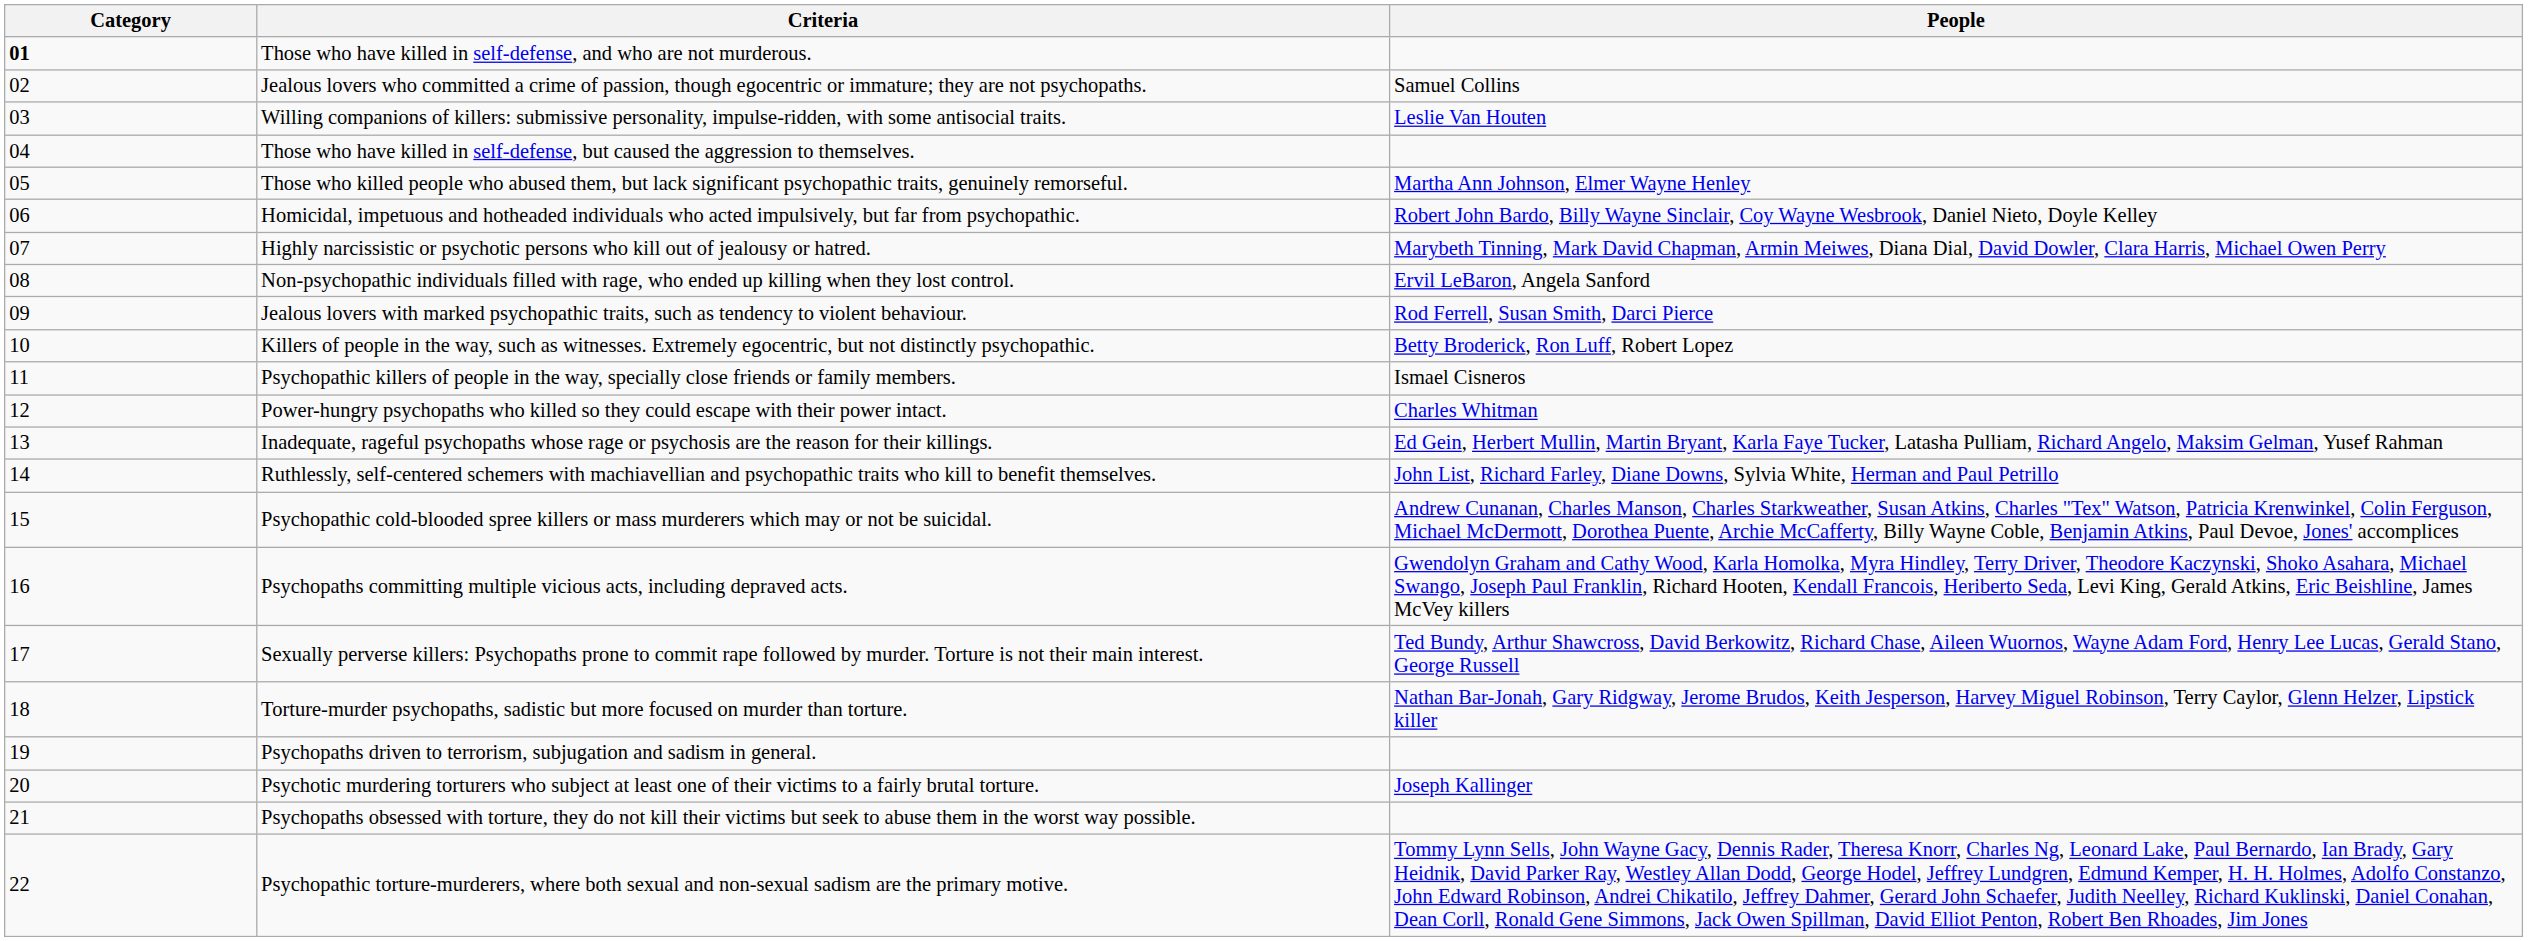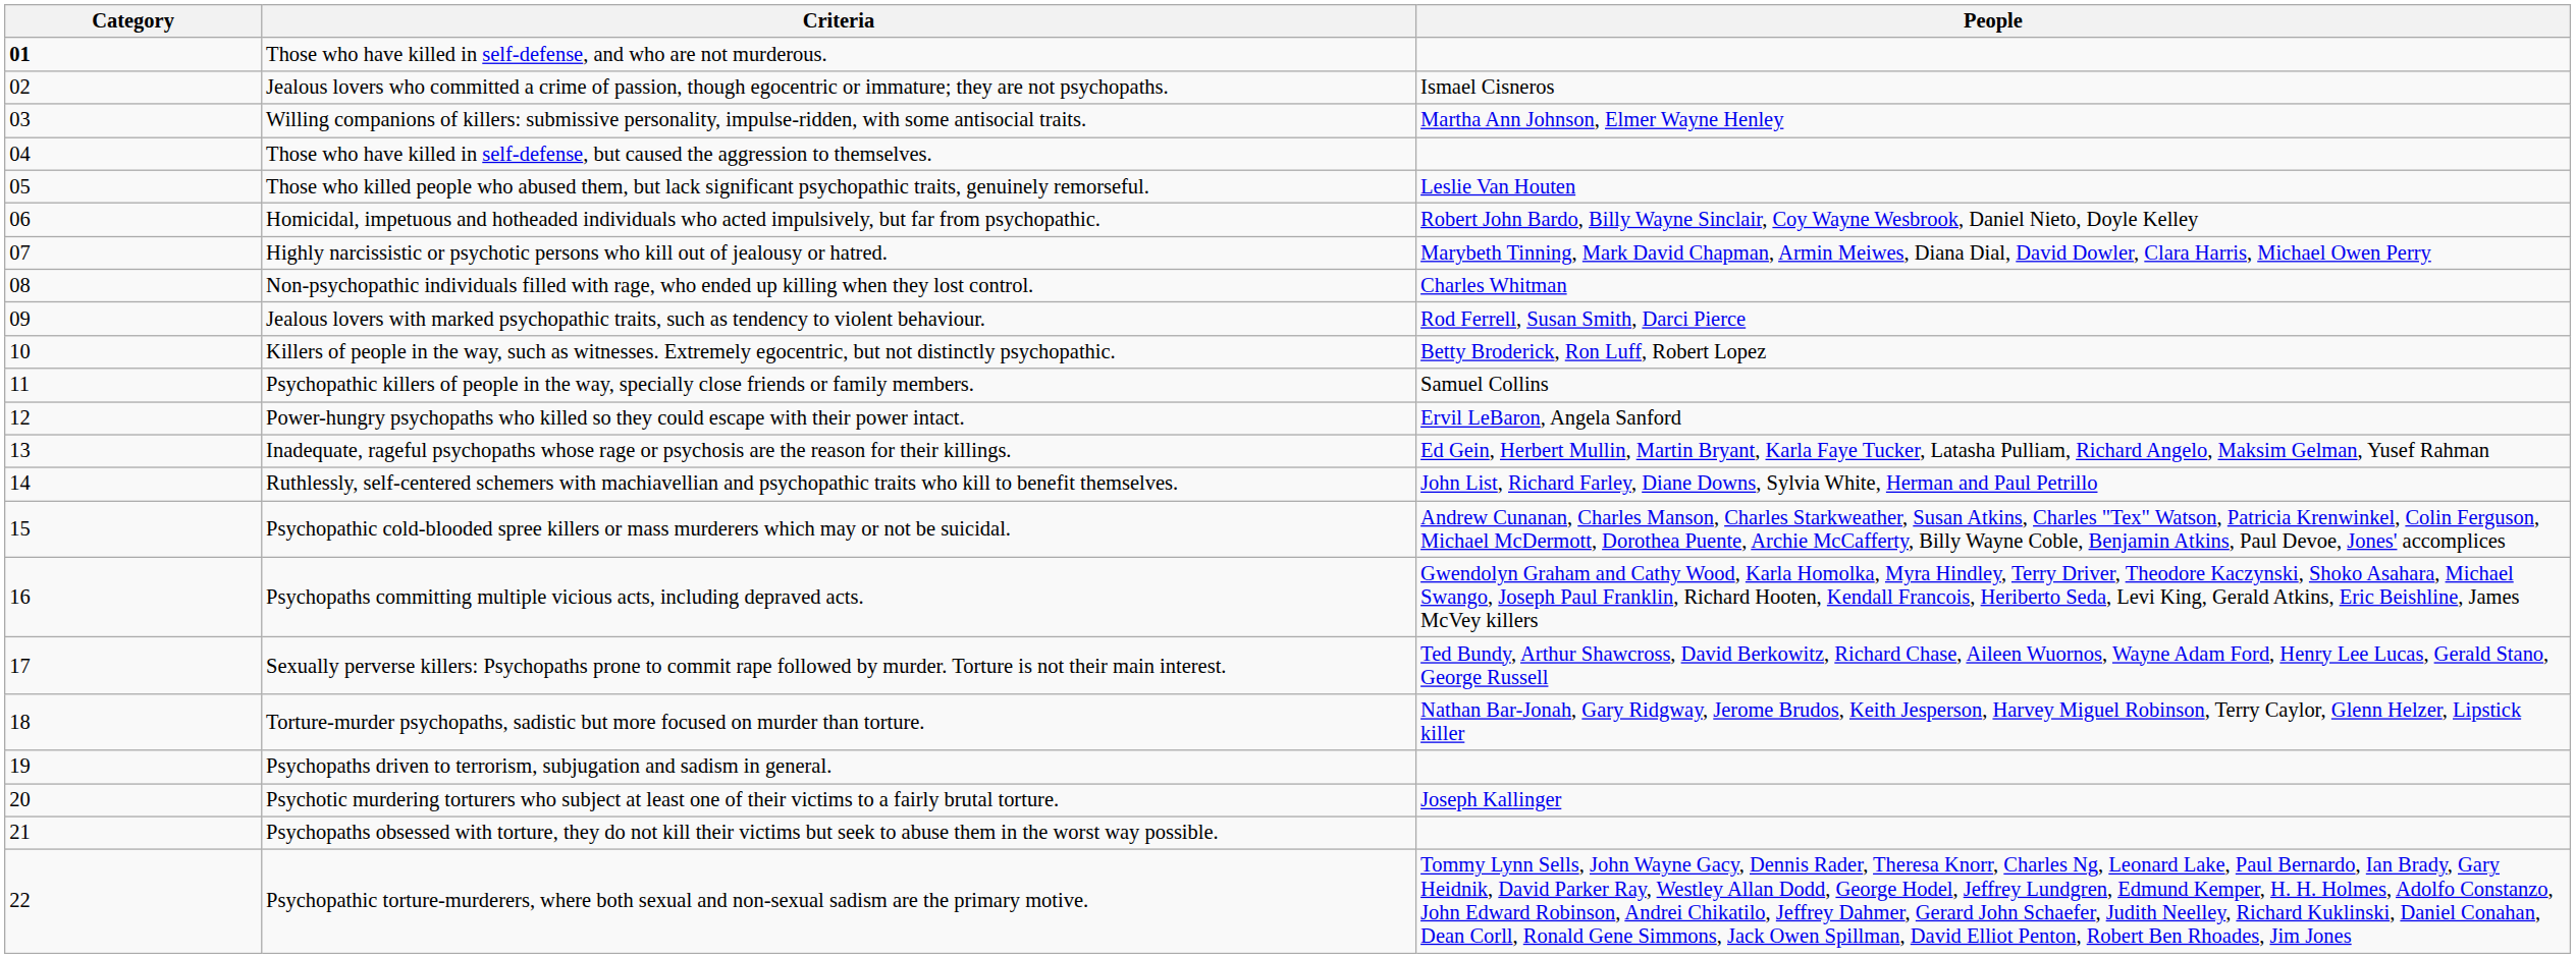 <table class="wikitable">
 <tr>
 <th width="10%">Category</th>
 <th width="45%">Criteria</th>
 <th width="45%">People</th>
 </tr>
 <tr>
 <td><strong>01</strong></td>
 <td>Those who have killed in <a href='#'>self-defense</a>, and who are not murderous.</td>
 <td></td>
 </tr>
 <tr>
 <td>02</td>
 <td>Jealous lovers who committed a crime of passion, though egocentric or immature; they are not psychopaths.</td>
-<td>Samuel Collins</td>
+<td>Ismael Cisneros</td>
 </tr>
 <tr>
 <td>03</td>
 <td>Willing companions of killers: submissive personality, impulse-ridden, with some antisocial traits.</td>
-<td><a href='#'>Leslie Van Houten</a></td>
+<td><a href='#'>Martha Ann Johnson</a>, <a href='#'>Elmer Wayne Henley</a></td>
 </tr>
 <tr>
 <td>04</td>
 <td>Those who have killed in <a href='#'>self-defense</a>, but caused the aggression to themselves.</td>
 <td></td>
 </tr>
 <tr>
 <td>05</td>
 <td>Those who killed people who abused them, but lack significant psychopathic traits, genuinely remorseful.</td>
-<td><a href='#'>Martha Ann Johnson</a>, <a href='#'>Elmer Wayne Henley</a></td>
+<td><a href='#'>Leslie Van Houten</a></td>
 </tr>
 <tr>
 <td>06</td>
 <td>Homicidal, impetuous and hotheaded individuals  who acted impulsively, but far from psychopathic.</td>
 <td><a href='#'>Robert John Bardo</a>, <a href='#'>Billy Wayne Sinclair</a>, <a href='#'>Coy Wayne Wesbrook</a>, Daniel Nieto, Doyle Kelley</td>
 </tr>
 <tr>
 <td>07</td>
 <td>Highly narcissistic or psychotic persons who kill out of jealousy or hatred.</td>
 <td><a href='#'>Marybeth Tinning</a>, <a href='#'>Mark David Chapman</a>, <a href='#'>Armin Meiwes</a>, Diana Dial, <a href='#'>David Dowler</a>, <a href='#'>Clara Harris</a>, <a href='#'>Michael Owen Perry</a></td>
 </tr>
 <tr>
 <td>08</td>
 <td>Non-psychopathic individuals filled with rage, who ended up  killing when they lost control.</td>
-<td><a href='#'>Ervil LeBaron</a>, Angela Sanford</td>
+<td><a href='#'>Charles Whitman</a></td>
 </tr>
 <tr>
 <td>09</td>
 <td>Jealous lovers with marked psychopathic traits, such as tendency to violent behaviour.</td>
 <td><a href='#'>Rod Ferrell</a>, <a href='#'>Susan Smith</a>, <a href='#'>Darci Pierce</a></td>
 </tr>
 <tr>
 <td>10</td>
 <td>Killers of people in the way, such as witnesses. Extremely egocentric, but not distinctly psychopathic.</td>
 <td><a href='#'>Betty Broderick</a>, <a href='#'>Ron Luff</a>, Robert Lopez</td>
 </tr>
 <tr>
 <td>11</td>
 <td>Psychopathic killers of people in the way, specially close friends or family members.</td>
-<td>Ismael Cisneros</td>
+<td>Samuel Collins</td>
 </tr>
 <tr>
 <td>12</td>
 <td>Power-hungry psychopaths who killed so they could escape with their power intact.</td>
-<td><a href='#'>Charles Whitman</a></td>
+<td><a href='#'>Ervil LeBaron</a>, Angela Sanford</td>
 </tr>
 <tr>
 <td>13</td>
 <td>Inadequate, rageful psychopaths whose rage or psychosis are the reason for their killings.</td>
 <td><a href='#'>Ed Gein</a>, <a href='#'>Herbert Mullin</a>, <a href='#'>Martin Bryant</a>, <a href='#'>Karla Faye Tucker</a>, Latasha Pulliam, <a href='#'>Richard Angelo</a>, <a href='#'>Maksim Gelman</a>, Yusef Rahman</td>
 </tr>
 <tr>
 <td>14</td>
 <td>Ruthlessly, self-centered schemers with machiavellian and  psychopathic traits who kill to benefit themselves.</td>
 <td><a href='#'>John List</a>, <a href='#'>Richard Farley</a>, <a href='#'>Diane Downs</a>, Sylvia White, <a href='#'>Herman and Paul Petrillo</a></td>
 </tr>
 <tr>
 <td>15</td>
 <td>Psychopathic cold-blooded spree killers or mass murderers which may or not be suicidal.</td>
 <td><a href='#'>Andrew Cunanan</a>, <a href='#'>Charles Manson</a>, <a href='#'>Charles Starkweather</a>, <a href='#'>Susan Atkins</a>, <a href='#'>Charles "Tex" Watson</a>, <a href='#'>Patricia Krenwinkel</a>, <a href='#'>Colin Ferguson</a>, <a href='#'>Michael McDermott</a>, <a href='#'>Dorothea Puente</a>, <a href='#'>Archie McCafferty</a>, Billy Wayne Coble, <a href='#'>Benjamin Atkins</a>, Paul Devoe, <a href='#'>Jones'</a> accomplices</td>
 </tr>
 <tr>
 <td>16</td>
 <td>Psychopaths committing multiple vicious acts, including depraved acts.</td>
 <td><a href='#'>Gwendolyn Graham and Cathy Wood</a>, <a href='#'>Karla Homolka</a>, <a href='#'>Myra Hindley</a>, <a href='#'>Terry Driver</a>, <a href='#'>Theodore Kaczynski</a>, <a href='#'>Shoko Asahara</a>, <a href='#'>Michael Swango</a>, <a href='#'>Joseph Paul Franklin</a>, Richard Hooten, <a href='#'>Kendall Francois</a>, <a href='#'>Heriberto Seda</a>, Levi King, Gerald Atkins, <a href='#'>Eric Beishline</a>, James McVey killers</td>
 </tr>
 <tr>
 <td>17</td>
 <td>Sexually perverse killers: Psychopaths prone to commit rape followed by murder. Torture is not their main interest.</td>
 <td><a href='#'>Ted Bundy</a>, <a href='#'>Arthur Shawcross</a>, <a href='#'>David Berkowitz</a>, <a href='#'>Richard Chase</a>, <a href='#'>Aileen Wuornos</a>, <a href='#'>Wayne Adam Ford</a>, <a href='#'>Henry Lee Lucas</a>, <a href='#'>Gerald Stano</a>, <a href='#'>George Russell</a></td>
 </tr>
 <tr>
 <td>18</td>
 <td>Torture-murder psychopaths, sadistic but more focused on murder than torture.</td>
 <td><a href='#'>Nathan Bar-Jonah</a>, <a href='#'>Gary Ridgway</a>, <a href='#'>Jerome Brudos</a>, <a href='#'>Keith Jesperson</a>, <a href='#'>Harvey Miguel Robinson</a>, Terry Caylor, <a href='#'>Glenn Helzer</a>, <a href='#'>Lipstick killer</a></td>
 </tr>
 <tr>
 <td>19</td>
 <td>Psychopaths driven to terrorism, subjugation and sadism in general.</td>
 <td></td>
 </tr>
 <tr>
 <td>20</td>
 <td>Psychotic murdering torturers who subject at least one of their victims to a fairly brutal torture.</td>
 <td><a href='#'>Joseph Kallinger</a></td>
 </tr>
 <tr>
 <td>21</td>
 <td>Psychopaths obsessed with torture, they do not kill their victims but seek to abuse them in the worst way possible.</td>
 <td></td>
 </tr>
 <tr>
 <td>22</td>
 <td>Psychopathic torture-murderers, where both sexual and non-sexual sadism are the primary motive.</td>
 <td><a href='#'>Tommy Lynn Sells</a>, <a href='#'>John Wayne Gacy</a>, <a href='#'>Dennis Rader</a>, <a href='#'>Theresa Knorr</a>, <a href='#'>Charles Ng</a>, <a href='#'>Leonard Lake</a>, <a href='#'>Paul Bernardo</a>, <a href='#'>Ian Brady</a>, <a href='#'>Gary Heidnik</a>, <a href='#'>David Parker Ray</a>, <a href='#'>Westley Allan Dodd</a>, <a href='#'>George Hodel</a>, <a href='#'>Jeffrey Lundgren</a>, <a href='#'>Edmund Kemper</a>, <a href='#'>H. H. Holmes</a>, <a href='#'>Adolfo Constanzo</a>, <a href='#'>John Edward Robinson</a>, <a href='#'>Andrei Chikatilo</a>, <a href='#'>Jeffrey Dahmer</a>, <a href='#'>Gerard John Schaefer</a>, <a href='#'>Judith Neelley</a>, <a href='#'>Richard Kuklinski</a>, <a href='#'>Daniel Conahan</a>, <a href='#'>Dean Corll</a>, <a href='#'>Ronald Gene Simmons</a>, <a href='#'>Jack Owen Spillman</a>, <a href='#'>David Elliot Penton</a>, <a href='#'>Robert Ben Rhoades</a>, <a href='#'>Jim Jones</a></td>
 </tr>
 </table>
